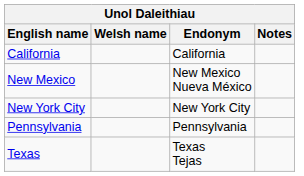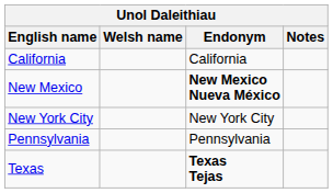 <table class="wikitable sortable">
 <tr>
 <th colspan="24"> Unol Daleithiau</th>
 </tr>
 <tr>
 <th>English name</th>
 <th>Welsh name</th>
 <th>Endonym</th>
 <th>Notes</th>
 </tr>
 <tr>
 <td><a href='#'>California</a></td>
 <td></td>
 <td>California</td>
 <td></td>
 </tr>
 <tr>
 <td><a href='#'>New Mexico</a></td>
 <td></td>
-<td>New Mexico<br>Nueva México</td>
+<td><strong>New Mexico<br>Nueva México</strong></td>
 <td></td>
 </tr>
 <tr>
 <td><a href='#'>New York City</a></td>
 <td></td>
 <td>New York City</td>
 <td></td>
 </tr>
 <tr>
 <td><a href='#'>Pennsylvania</a></td>
 <td></td>
 <td>Pennsylvania</td>
 <td></td>
 </tr>
 <tr>
 <td><a href='#'>Texas</a></td>
 <td></td>
-<td>Texas<br>Tejas</td>
+<td><strong>Texas<br>Tejas</strong></td>
 <td></td>
 </tr>
 </table>
